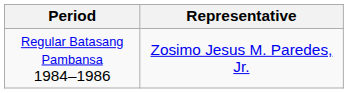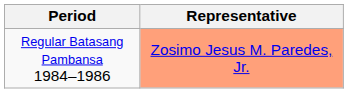 <table class="wikitable" style="text-align:center; width:40%;">
 <tr>
 <th width="40%">Period</th>
 <th>Representative</th>
 </tr>
 <tr>
 <td><small><a href='#'>Regular Batasang Pambansa</a></small><br>1984–1986</td>
-<td><a href='#'>Zosimo Jesus M. Paredes, Jr.</a></td>
+<td style="background: lightsalmon;"><a href='#'>Zosimo Jesus M. Paredes, Jr.</a></td>
 </tr>
 </table>
